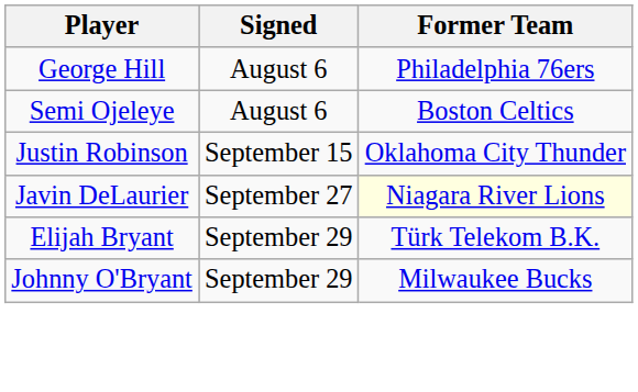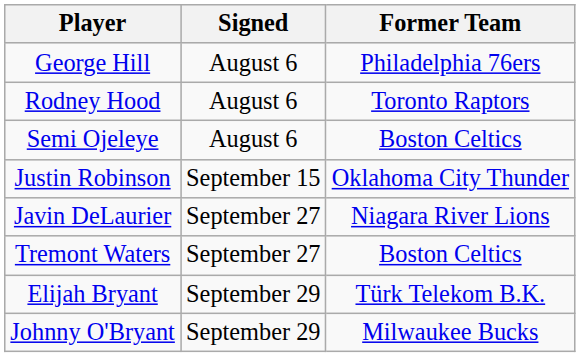 <table class="wikitable sortable sortable">
 <tr>
 <th>Player</th>
 <th>Signed</th>
 <th>Former Team</th>
 </tr>
 <tr style="text-align: center">
 <td><a href='#'>George Hill</a></td>
 <td>August 6</td>
 <td><a href='#'>Philadelphia 76ers</a></td>
+</tr>
+<tr style="text-align: center">
+<td><a href='#'>Rodney Hood</a></td>
+<td>August 6</td>
+<td><a href='#'>Toronto Raptors</a></td>
 </tr>
 <tr style="text-align: center">
 <td><a href='#'>Semi Ojeleye</a></td>
 <td>August 6</td>
 <td><a href='#'>Boston Celtics</a></td>
 </tr>
 <tr style="text-align: center">
 <td><a href='#'>Justin Robinson</a></td>
 <td>September 15</td>
 <td><a href='#'>Oklahoma City Thunder</a></td>
 </tr>
 <tr style="text-align: center">
 <td><a href='#'>Javin DeLaurier</a></td>
 <td>September 27</td>
-<td style="background: lightyellow;"> <a href='#'>Niagara River Lions</a></td>
+<td> <a href='#'>Niagara River Lions</a></td>
+</tr>
+<tr style="text-align: center">
+<td><a href='#'>Tremont Waters</a></td>
+<td>September 27</td>
+<td><a href='#'>Boston Celtics</a></td>
 </tr>
 <tr style="text-align: center">
 <td><a href='#'>Elijah Bryant</a></td>
 <td>September 29</td>
 <td> <a href='#'>Türk Telekom B.K.</a></td>
 </tr>
 <tr style="text-align: center">
 <td><a href='#'>Johnny O'Bryant</a></td>
 <td>September 29</td>
 <td><a href='#'>Milwaukee Bucks</a></td>
 </tr>
 </table>
